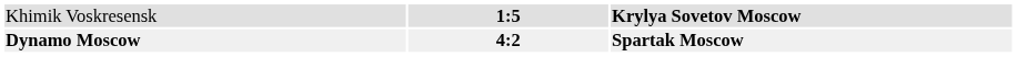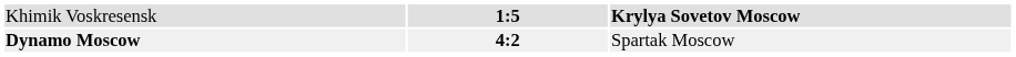 <table width="70%">
 <tr bgcolor="#e0e0e0">
 <td style="width:40%;">Khimik Voskresensk</td>
 <th style="width:20%;"><strong>1:5</strong></th>
 <td style="width:40%;"><strong>Krylya Sovetov Moscow</strong></td>
 </tr>
 <tr bgcolor="#f0f0f0">
 <td><strong>Dynamo Moscow</strong></td>
 <td align="center"><strong>4:2</strong></td>
-<td><strong>Spartak Moscow</strong></td>
+<td>Spartak Moscow</td>
 </tr>
 </table>
